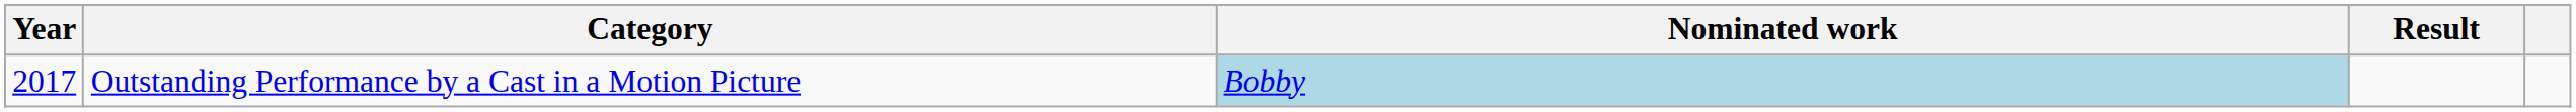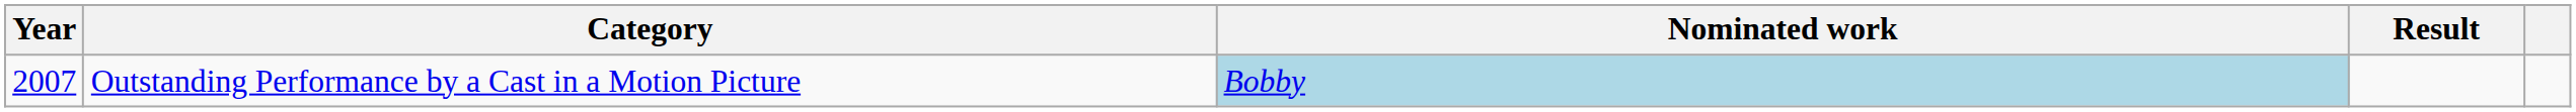 <table class="wikitable">
 <tr>
 <th scope="col" style="width:1em;">Year</th>
 <th scope="col" style="width:35em;">Category</th>
 <th scope="col" style="width:35em;">Nominated work</th>
 <th scope="col" style="width:5em;">Result</th>
 <th scope="col" style="width:1em;"></th>
 </tr>
 <tr>
-<td><a href='#'>2017</a></td>
+<td><a href='#'>2007</a></td>
 <td><a href='#'>Outstanding Performance by a Cast in a Motion Picture</a></td>
 <td style="background: lightblue;"><em><a href='#'>Bobby</a></em></td>
 <td></td>
 <td style="text-align:center;"></td>
 </tr>
 </table>
